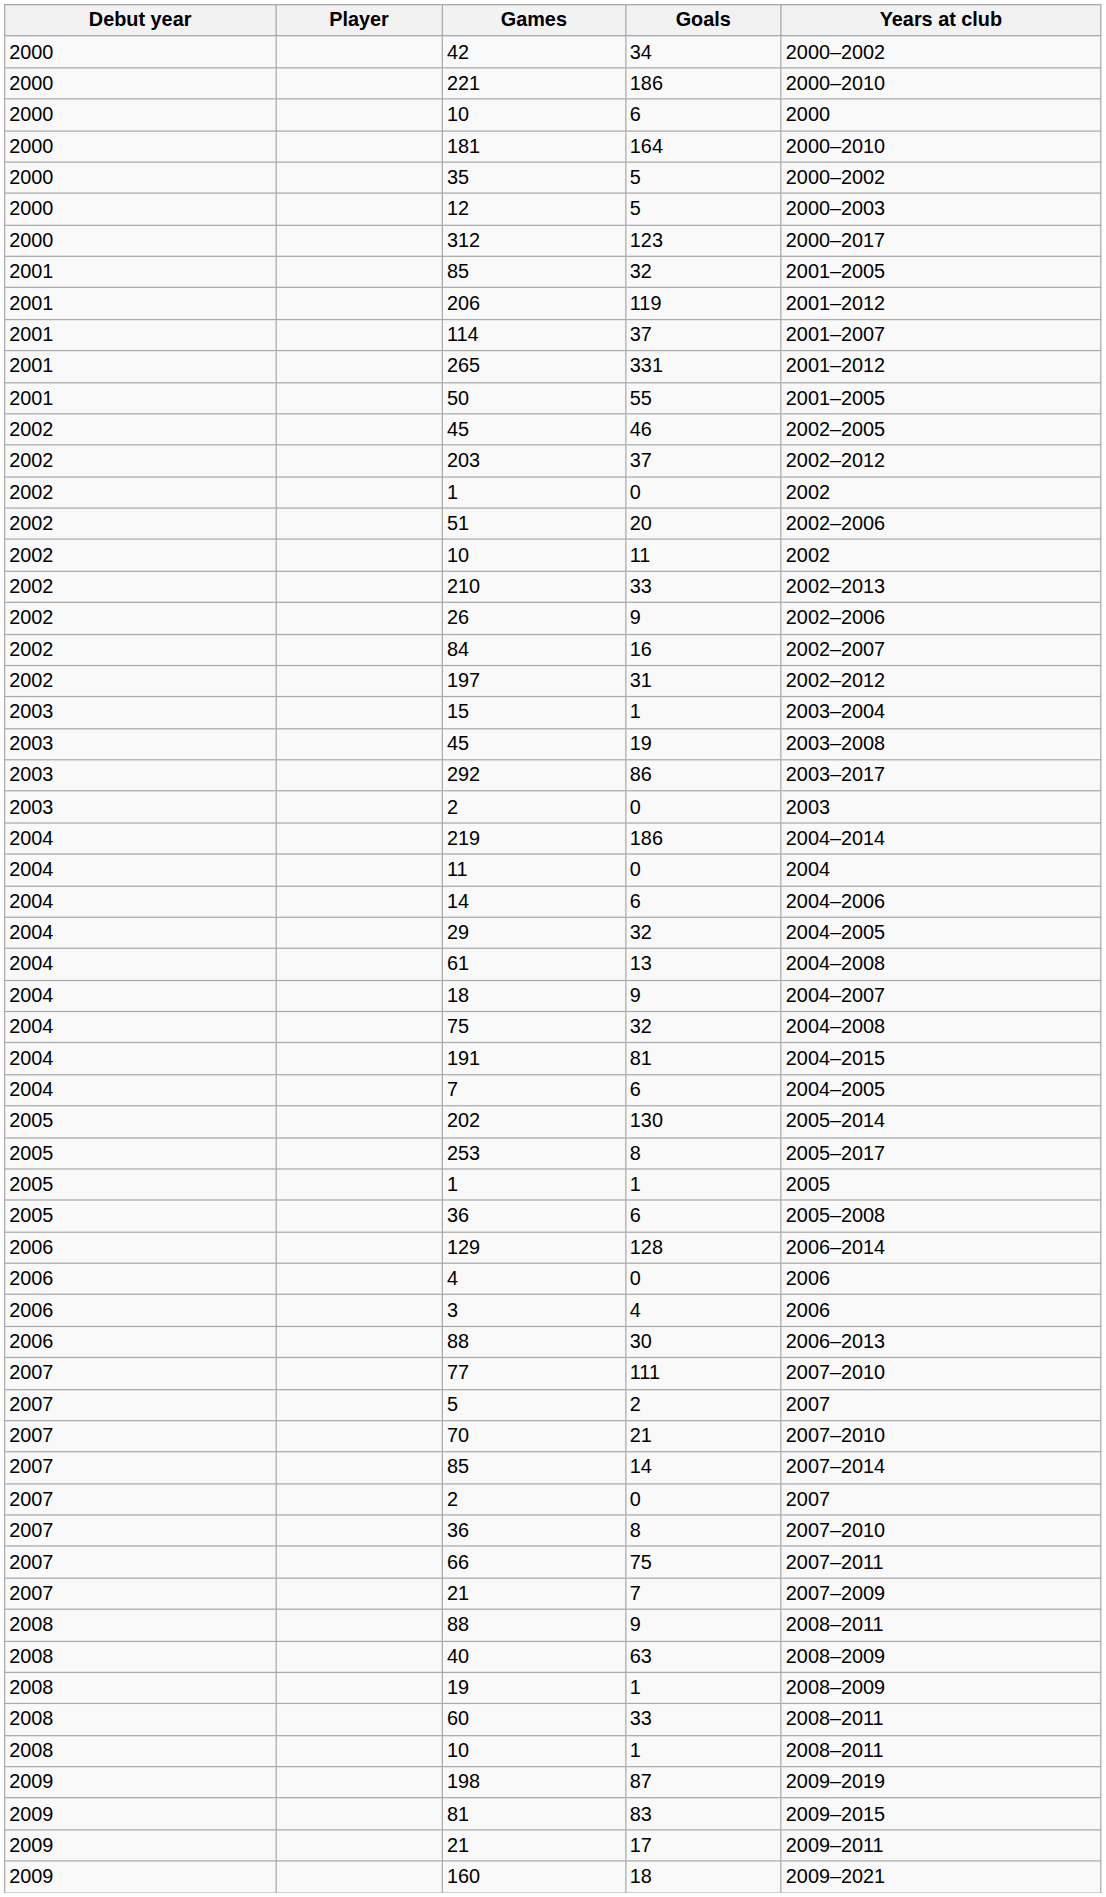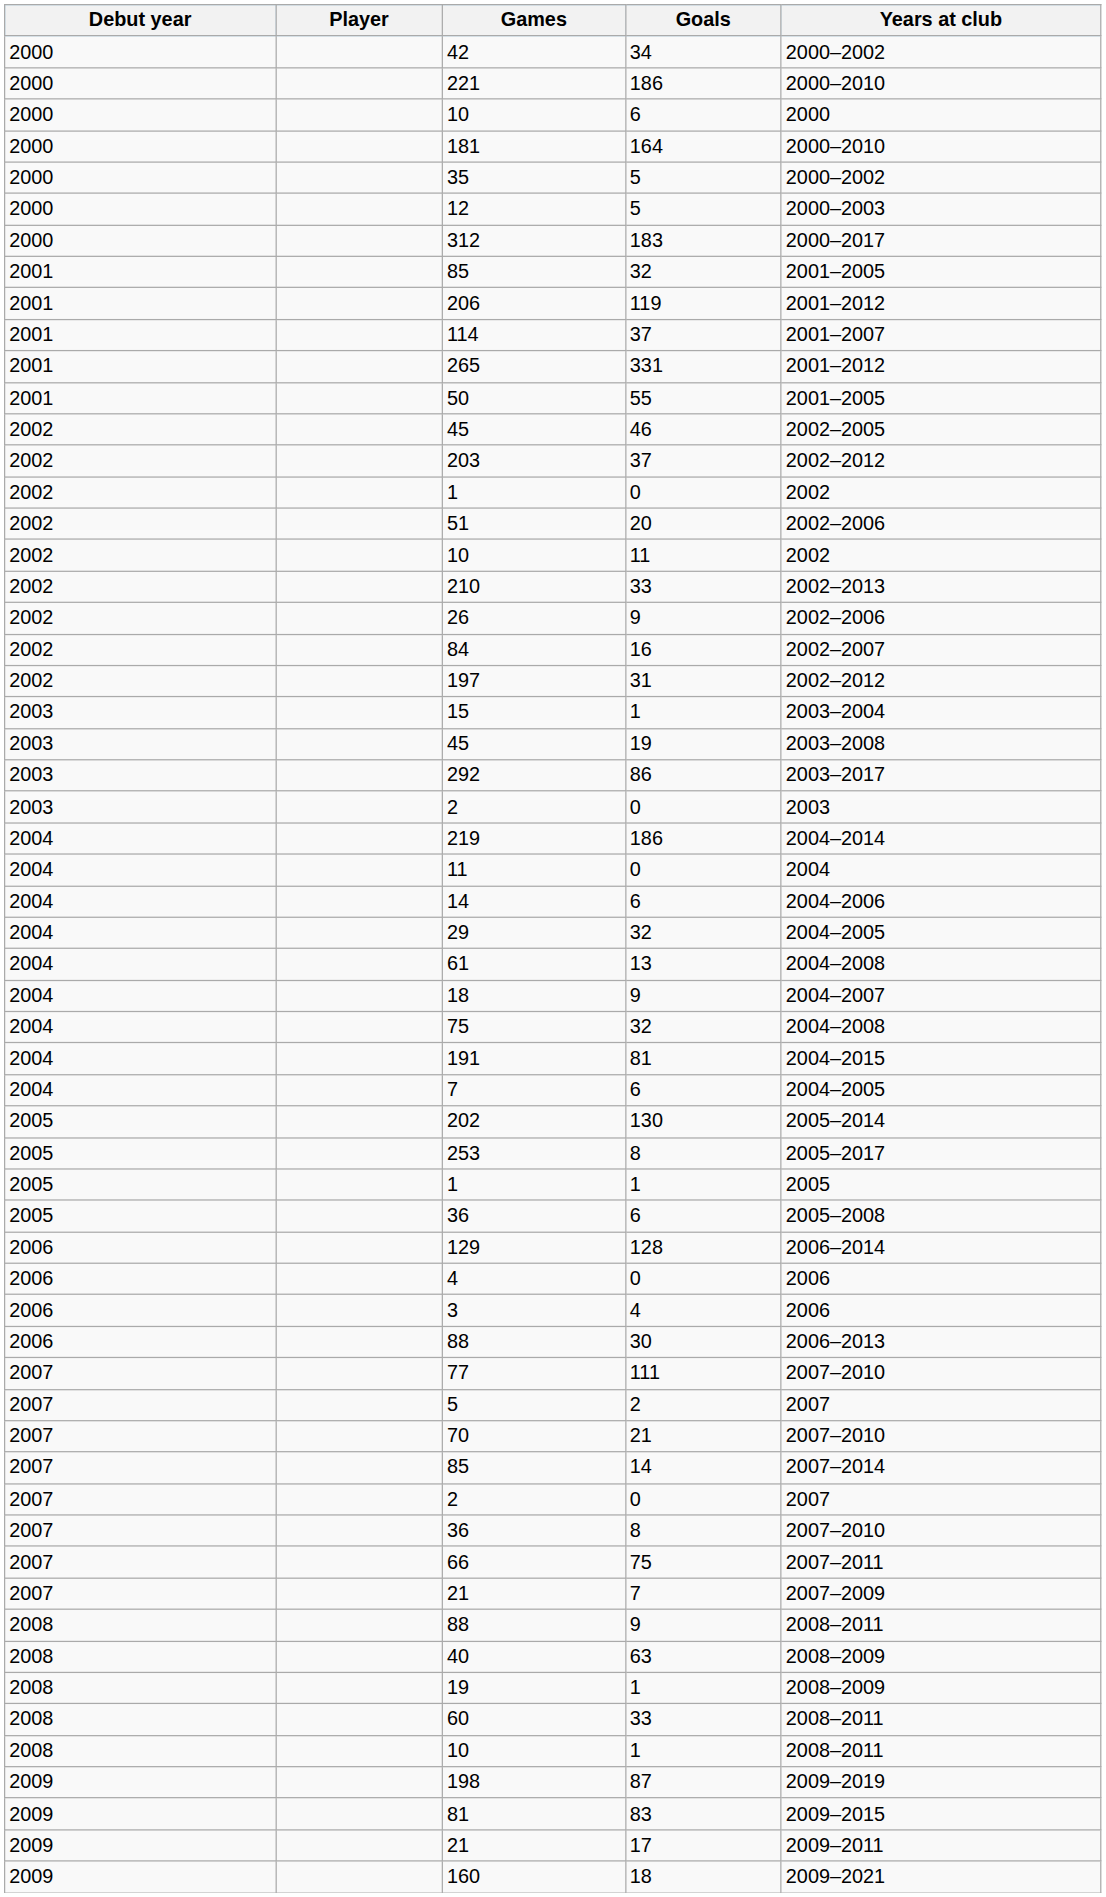 <table class="wikitable sortable" style="width:70%; text-align=center">
 <tr style="background:#87cefa;">
 <th>Debut year</th>
 <th>Player</th>
 <th>Games</th>
 <th>Goals</th>
 <th>Years at club</th>
 </tr>
 <tr>
 <td>2000</td>
 <td align=left></td>
 <td>42</td>
 <td>34</td>
 <td>2000–2002</td>
 </tr>
 <tr>
 <td>2000</td>
 <td align=left></td>
 <td>221</td>
 <td>186</td>
 <td>2000–2010</td>
 </tr>
 <tr>
 <td>2000</td>
 <td align=left></td>
 <td>10</td>
 <td>6</td>
 <td>2000</td>
 </tr>
 <tr>
 <td>2000</td>
 <td align=left></td>
 <td>181</td>
 <td>164</td>
 <td>2000–2010</td>
 </tr>
 <tr>
 <td>2000</td>
 <td align=left></td>
 <td>35</td>
 <td>5</td>
 <td>2000–2002</td>
 </tr>
 <tr>
 <td>2000</td>
 <td align=left></td>
 <td>12</td>
 <td>5</td>
 <td>2000–2003</td>
 </tr>
 <tr>
 <td>2000</td>
 <td align=left></td>
 <td>312</td>
-<td>123</td>
+<td>183</td>
 <td>2000–2017</td>
 </tr>
 <tr>
 <td>2001</td>
 <td align=left></td>
 <td>85</td>
 <td>32</td>
 <td>2001–2005</td>
 </tr>
 <tr>
 <td>2001</td>
 <td align=left></td>
 <td>206</td>
 <td>119</td>
 <td>2001–2012</td>
 </tr>
 <tr>
 <td>2001</td>
 <td align=left></td>
 <td>114</td>
 <td>37</td>
 <td>2001–2007</td>
 </tr>
 <tr>
 <td>2001</td>
 <td align=left></td>
 <td>265</td>
 <td>331</td>
 <td>2001–2012</td>
 </tr>
 <tr>
 <td>2001</td>
 <td align=left></td>
 <td>50</td>
 <td>55</td>
 <td>2001–2005</td>
 </tr>
 <tr>
 <td>2002</td>
 <td align=left></td>
 <td>45</td>
 <td>46</td>
 <td>2002–2005</td>
 </tr>
 <tr>
 <td>2002</td>
 <td align=left></td>
 <td>203</td>
 <td>37</td>
 <td>2002–2012</td>
 </tr>
 <tr>
 <td>2002</td>
 <td align=left></td>
 <td>1</td>
 <td>0</td>
 <td>2002</td>
 </tr>
 <tr>
 <td>2002</td>
 <td align=left></td>
 <td>51</td>
 <td>20</td>
 <td>2002–2006</td>
 </tr>
 <tr>
 <td>2002</td>
 <td align=left></td>
 <td>10</td>
 <td>11</td>
 <td>2002</td>
 </tr>
 <tr>
 <td>2002</td>
 <td align=left></td>
 <td>210</td>
 <td>33</td>
 <td>2002–2013</td>
 </tr>
 <tr>
 <td>2002</td>
 <td align=left></td>
 <td>26</td>
 <td>9</td>
 <td>2002–2006</td>
 </tr>
 <tr>
 <td>2002</td>
 <td align=left></td>
 <td>84</td>
 <td>16</td>
 <td>2002–2007</td>
 </tr>
 <tr>
 <td>2002</td>
 <td align=left></td>
 <td>197</td>
 <td>31</td>
 <td>2002–2012</td>
 </tr>
 <tr>
 <td>2003</td>
 <td align=left></td>
 <td>15</td>
 <td>1</td>
 <td>2003–2004</td>
 </tr>
 <tr>
 <td>2003</td>
 <td align=left></td>
 <td>45</td>
 <td>19</td>
 <td>2003–2008</td>
 </tr>
 <tr>
 <td>2003</td>
 <td align=left></td>
 <td>292</td>
 <td>86</td>
 <td>2003–2017</td>
 </tr>
 <tr>
 <td>2003</td>
 <td align=left></td>
 <td>2</td>
 <td>0</td>
 <td>2003</td>
 </tr>
 <tr>
 <td>2004</td>
 <td align=left></td>
 <td>219</td>
 <td>186</td>
 <td>2004–2014</td>
 </tr>
 <tr>
 <td>2004</td>
 <td align=left></td>
 <td>11</td>
 <td>0</td>
 <td>2004</td>
 </tr>
 <tr>
 <td>2004</td>
 <td align=left></td>
 <td>14</td>
 <td>6</td>
 <td>2004–2006</td>
 </tr>
 <tr>
 <td>2004</td>
 <td align=left></td>
 <td>29</td>
 <td>32</td>
 <td>2004–2005</td>
 </tr>
 <tr>
 <td>2004</td>
 <td align=left></td>
 <td>61</td>
 <td>13</td>
 <td>2004–2008</td>
 </tr>
 <tr>
 <td>2004</td>
 <td align=left></td>
 <td>18</td>
 <td>9</td>
 <td>2004–2007</td>
 </tr>
 <tr>
 <td>2004</td>
 <td align=left></td>
 <td>75</td>
 <td>32</td>
 <td>2004–2008</td>
 </tr>
 <tr>
 <td>2004</td>
 <td align=left></td>
 <td>191</td>
 <td>81</td>
 <td>2004–2015</td>
 </tr>
 <tr>
 <td>2004</td>
 <td align=left></td>
 <td>7</td>
 <td>6</td>
 <td>2004–2005</td>
 </tr>
 <tr>
 <td>2005</td>
 <td align=left></td>
 <td>202</td>
 <td>130</td>
 <td>2005–2014</td>
 </tr>
 <tr>
 <td>2005</td>
 <td style="text-align:left"></td>
 <td>253</td>
 <td>8</td>
 <td>2005–2017</td>
 </tr>
 <tr>
 <td>2005</td>
 <td align=left></td>
 <td>1</td>
 <td>1</td>
 <td>2005</td>
 </tr>
 <tr>
 <td>2005</td>
 <td align=left></td>
 <td>36</td>
 <td>6</td>
 <td>2005–2008</td>
 </tr>
 <tr>
 <td>2006</td>
 <td align=left></td>
 <td>129</td>
 <td>128</td>
 <td>2006–2014</td>
 </tr>
 <tr>
 <td>2006</td>
 <td align=left></td>
 <td>4</td>
 <td>0</td>
 <td>2006</td>
 </tr>
 <tr>
 <td>2006</td>
 <td align=left></td>
 <td>3</td>
 <td>4</td>
 <td>2006</td>
 </tr>
 <tr>
 <td>2006</td>
 <td align=left></td>
 <td>88</td>
 <td>30</td>
 <td>2006–2013</td>
 </tr>
 <tr>
 <td>2007</td>
 <td align=left></td>
 <td>77</td>
 <td>111</td>
 <td>2007–2010</td>
 </tr>
 <tr>
 <td>2007</td>
 <td align=left></td>
 <td>5</td>
 <td>2</td>
 <td>2007</td>
 </tr>
 <tr>
 <td>2007</td>
 <td align=left></td>
 <td>70</td>
 <td>21</td>
 <td>2007–2010</td>
 </tr>
 <tr>
 <td>2007</td>
 <td align=left></td>
 <td>85</td>
 <td>14</td>
 <td>2007–2014</td>
 </tr>
 <tr>
 <td>2007</td>
 <td align=left></td>
 <td>2</td>
 <td>0</td>
 <td>2007</td>
 </tr>
 <tr>
 <td>2007</td>
 <td align=left></td>
 <td>36</td>
 <td>8</td>
 <td>2007–2010</td>
 </tr>
 <tr>
 <td>2007</td>
 <td align=left></td>
 <td>66</td>
 <td>75</td>
 <td>2007–2011</td>
 </tr>
 <tr>
 <td>2007</td>
 <td align=left></td>
 <td>21</td>
 <td>7</td>
 <td>2007–2009</td>
 </tr>
 <tr>
 <td>2008</td>
 <td align=left></td>
 <td>88</td>
 <td>9</td>
 <td>2008–2011</td>
 </tr>
 <tr>
 <td>2008</td>
 <td align=left></td>
 <td>40</td>
 <td>63</td>
 <td>2008–2009</td>
 </tr>
 <tr>
 <td>2008</td>
 <td align=left></td>
 <td>19</td>
 <td>1</td>
 <td>2008–2009</td>
 </tr>
 <tr>
 <td>2008</td>
 <td align=left></td>
 <td>60</td>
 <td>33</td>
 <td>2008–2011</td>
 </tr>
 <tr>
 <td>2008</td>
 <td align=left></td>
 <td>10</td>
 <td>1</td>
 <td>2008–2011</td>
 </tr>
 <tr>
 <td>2009</td>
 <td style="text-align:left"></td>
 <td>198</td>
 <td>87</td>
 <td>2009–2019</td>
 </tr>
 <tr>
 <td>2009</td>
 <td align=left></td>
 <td>81</td>
 <td>83</td>
 <td>2009–2015</td>
 </tr>
 <tr>
 <td>2009</td>
 <td align=left></td>
 <td>21</td>
 <td>17</td>
 <td>2009–2011</td>
 </tr>
 <tr>
 <td>2009</td>
 <td style="text-align:left;"></td>
 <td>160</td>
 <td>18</td>
 <td>2009–2021</td>
 </tr>
 </table>
